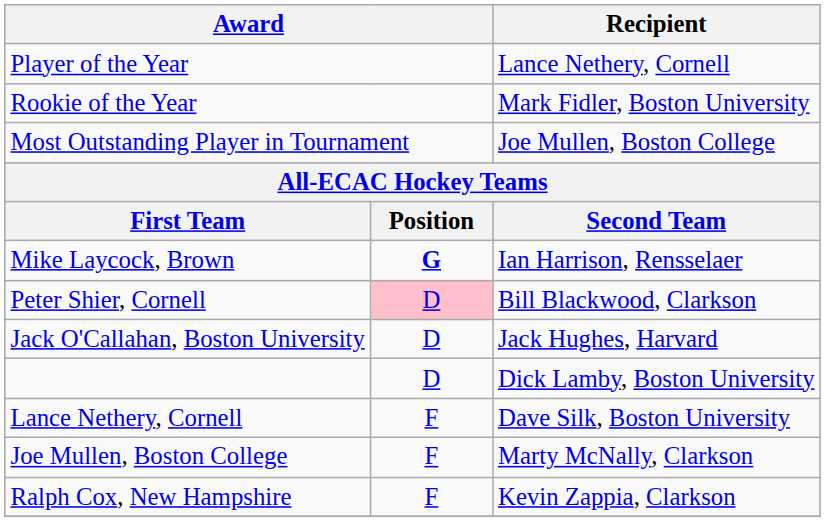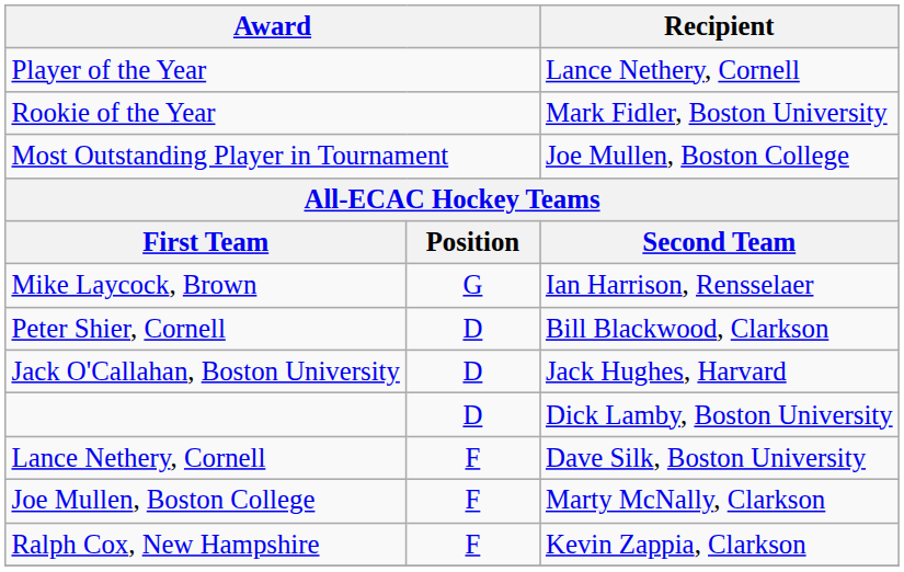 <table class="wikitable">
 <tr>
 <th colspan=2><a href='#'>Award</a></th>
 <th>Recipient</th>
 </tr>
 <tr>
 <td colspan=2><a href='#'>Player of the Year</a></td>
 <td><a href='#'>Lance Nethery</a>, <a href='#'>Cornell</a></td>
 </tr>
 <tr>
 <td colspan=2><a href='#'>Rookie of the Year</a></td>
 <td><a href='#'>Mark Fidler</a>, <a href='#'>Boston University</a></td>
 </tr>
 <tr>
 <td colspan=2><a href='#'>Most Outstanding Player in Tournament</a></td>
 <td><a href='#'>Joe Mullen</a>, <a href='#'>Boston College</a></td>
 </tr>
 <tr>
 <th colspan=3><a href='#'>All-ECAC Hockey Teams</a></th>
 </tr>
 <tr>
 <th><a href='#'>First Team</a></th>
 <th>  Position  </th>
 <th><a href='#'>Second Team</a></th>
 </tr>
 <tr>
 <td><a href='#'>Mike Laycock</a>, <a href='#'>Brown</a></td>
-<td align=center><strong><a href='#'>G</a></strong></td>
+<td align=center><a href='#'>G</a></td>
 <td><a href='#'>Ian Harrison</a>, <a href='#'>Rensselaer</a></td>
 </tr>
 <tr>
 <td><a href='#'>Peter Shier</a>, <a href='#'>Cornell</a></td>
-<td align=center style="background: pink;"><a href='#'>D</a></td>
+<td align=center><a href='#'>D</a></td>
 <td><a href='#'>Bill Blackwood</a>, <a href='#'>Clarkson</a></td>
 </tr>
 <tr>
 <td><a href='#'>Jack O'Callahan</a>, <a href='#'>Boston University</a></td>
 <td align=center><a href='#'>D</a></td>
 <td><a href='#'>Jack Hughes</a>, <a href='#'>Harvard</a></td>
 </tr>
 <tr>
 <td></td>
 <td align=center><a href='#'>D</a></td>
 <td><a href='#'>Dick Lamby</a>, <a href='#'>Boston University</a></td>
 </tr>
 <tr>
 <td><a href='#'>Lance Nethery</a>, <a href='#'>Cornell</a></td>
 <td align=center><a href='#'>F</a></td>
 <td><a href='#'>Dave Silk</a>, <a href='#'>Boston University</a></td>
 </tr>
 <tr>
 <td><a href='#'>Joe Mullen</a>, <a href='#'>Boston College</a></td>
 <td align=center><a href='#'>F</a></td>
 <td><a href='#'>Marty McNally</a>, <a href='#'>Clarkson</a></td>
 </tr>
 <tr>
 <td><a href='#'>Ralph Cox</a>, <a href='#'>New Hampshire</a></td>
 <td align=center><a href='#'>F</a></td>
 <td><a href='#'>Kevin Zappia</a>, <a href='#'>Clarkson</a></td>
 </tr>
 <tr>
 </tr>
 </table>
